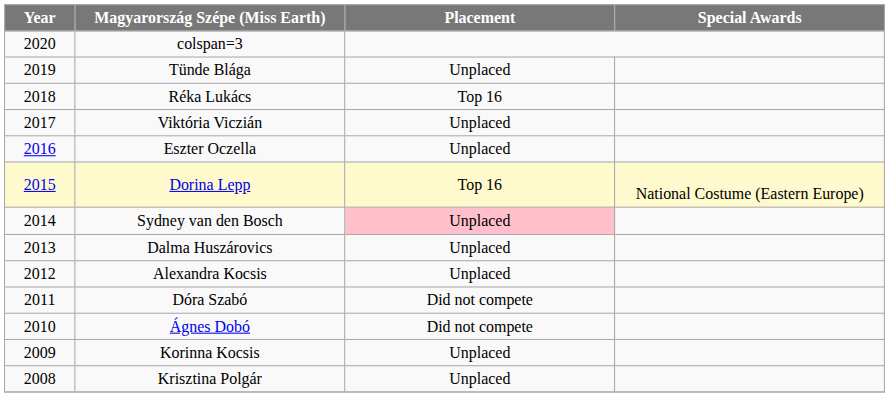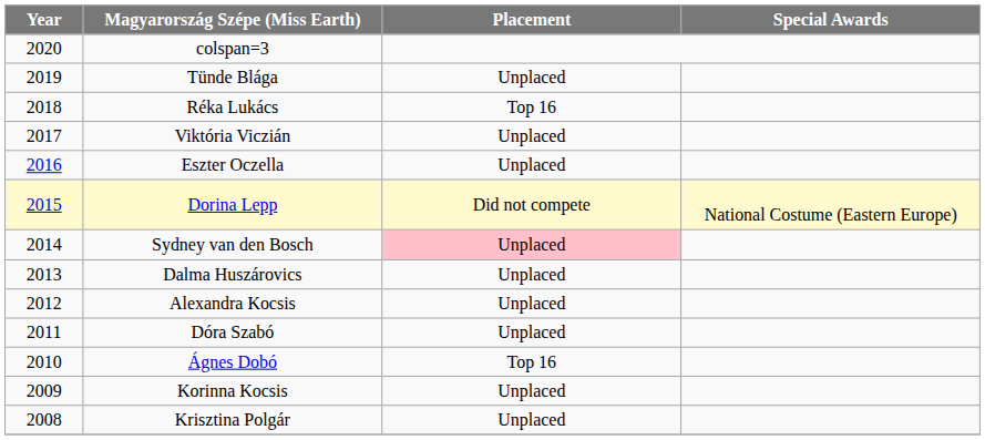 <table class="wikitable sortable" style="font-size: 95%; text-align:center">
 <tr>
 <th width="60" style="background-color:#787878;color:#FFFFFF;">Year</th>
 <th width="250" style="background-color:#787878;color:#FFFFFF;">Magyarország Szépe (Miss Earth)</th>
 <th width="250" style="background-color:#787878;color:#FFFFFF;">Placement</th>
 <th width="250" style="background-color:#787878;color:#FFFFFF;">Special Awards</th>
 </tr>
 <tr>
 <td>2020</td>
 <td>colspan=3 </td>
 </tr>
 <tr>
 <td>2019</td>
 <td>Tünde Blága</td>
 <td>Unplaced</td>
 <td></td>
 </tr>
 <tr>
 <td>2018</td>
 <td>Réka Lukács</td>
 <td>Top 16</td>
 <td></td>
 </tr>
 <tr>
 <td>2017</td>
 <td>Viktória Viczián</td>
 <td>Unplaced</td>
 <td></td>
 </tr>
 <tr>
 <td><a href='#'>2016</a></td>
 <td>Eszter Oczella</td>
 <td>Unplaced</td>
 <td></td>
 </tr>
 <tr style="background:#FFFACD;">
 <td><a href='#'>2015</a></td>
 <td><a href='#'>Dorina Lepp</a></td>
-<td>Top 16</td>
+<td>Did not compete</td>
 <td><br>National Costume (Eastern Europe)</td>
 </tr>
 <tr>
 <td>2014</td>
 <td>Sydney van den Bosch</td>
 <td style="background: pink;">Unplaced</td>
 <td></td>
 </tr>
 <tr>
 <td>2013</td>
 <td>Dalma Huszárovics</td>
 <td>Unplaced</td>
 <td></td>
 </tr>
 <tr>
 <td>2012</td>
 <td>Alexandra Kocsis</td>
 <td>Unplaced</td>
 <td></td>
 </tr>
 <tr>
 <td>2011</td>
 <td>Dóra Szabó</td>
-<td>Did not compete</td>
+<td>Unplaced</td>
 <td></td>
 </tr>
 <tr>
 <td>2010</td>
 <td><a href='#'>Ágnes Dobó</a></td>
-<td>Did not compete</td>
+<td>Top 16</td>
 <td></td>
 </tr>
 <tr>
 <td>2009</td>
 <td>Korinna Kocsis</td>
 <td>Unplaced</td>
 <td></td>
 </tr>
 <tr>
 <td>2008</td>
 <td>Krisztina Polgár</td>
 <td>Unplaced</td>
 <td></td>
 </tr>
 <tr>
 </tr>
 </table>
